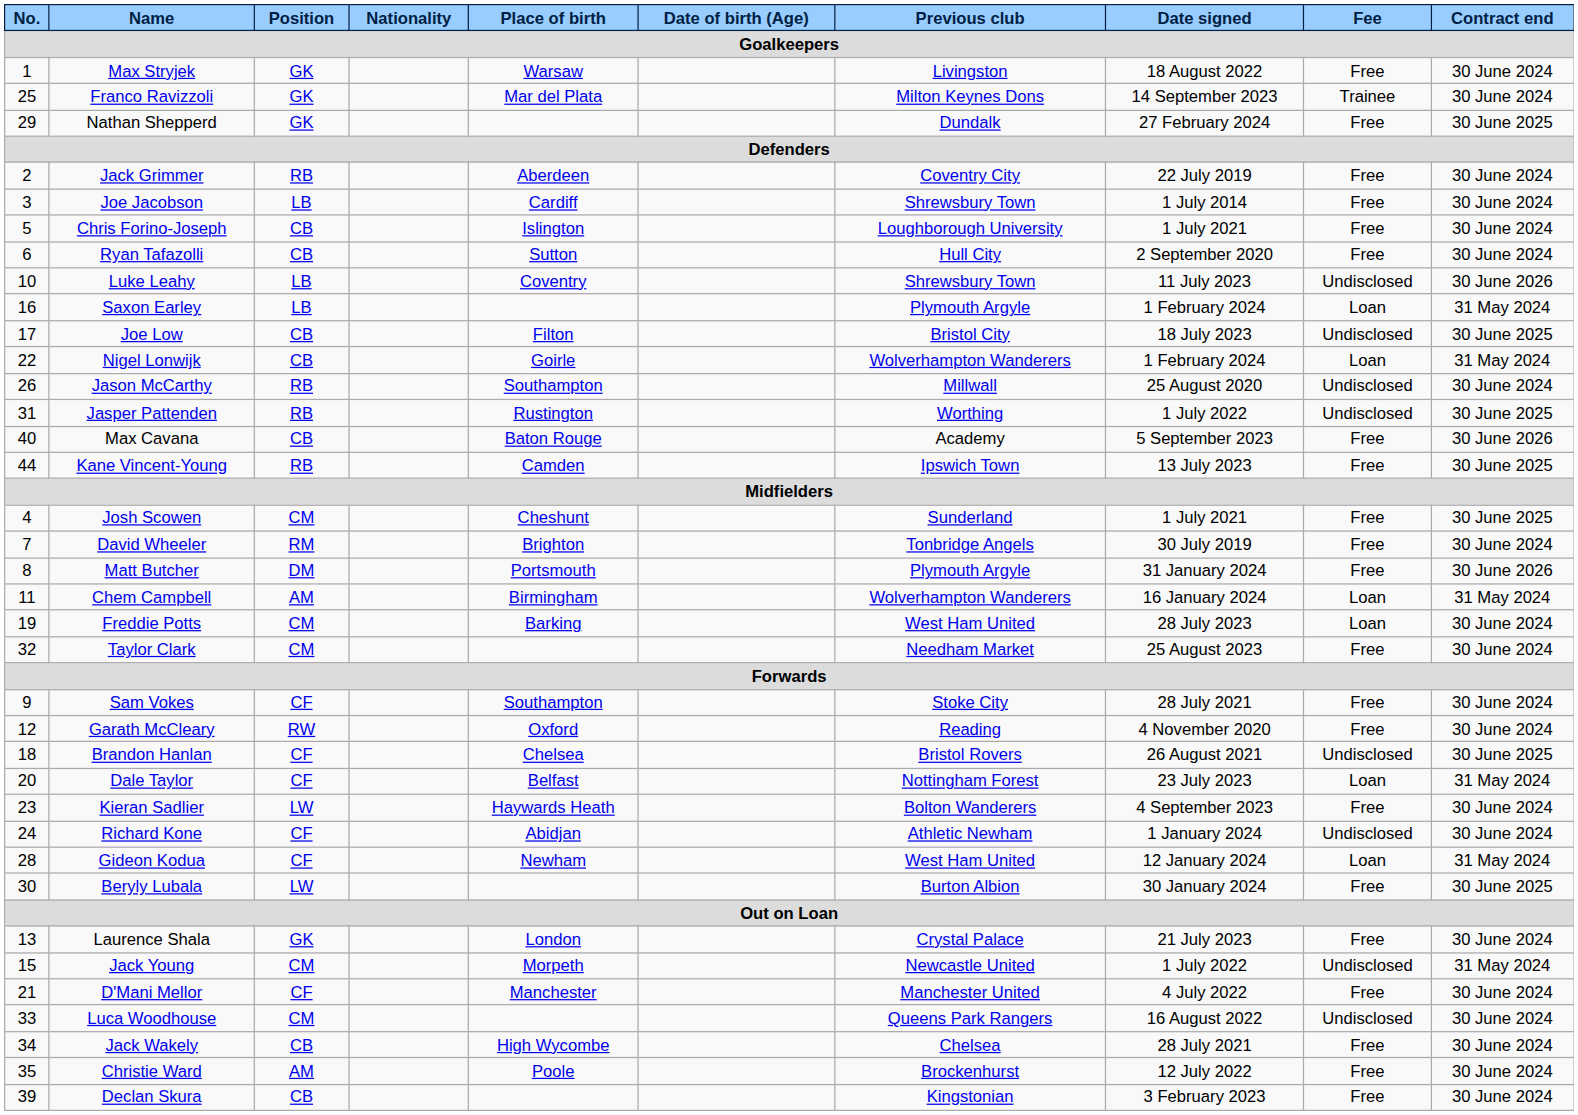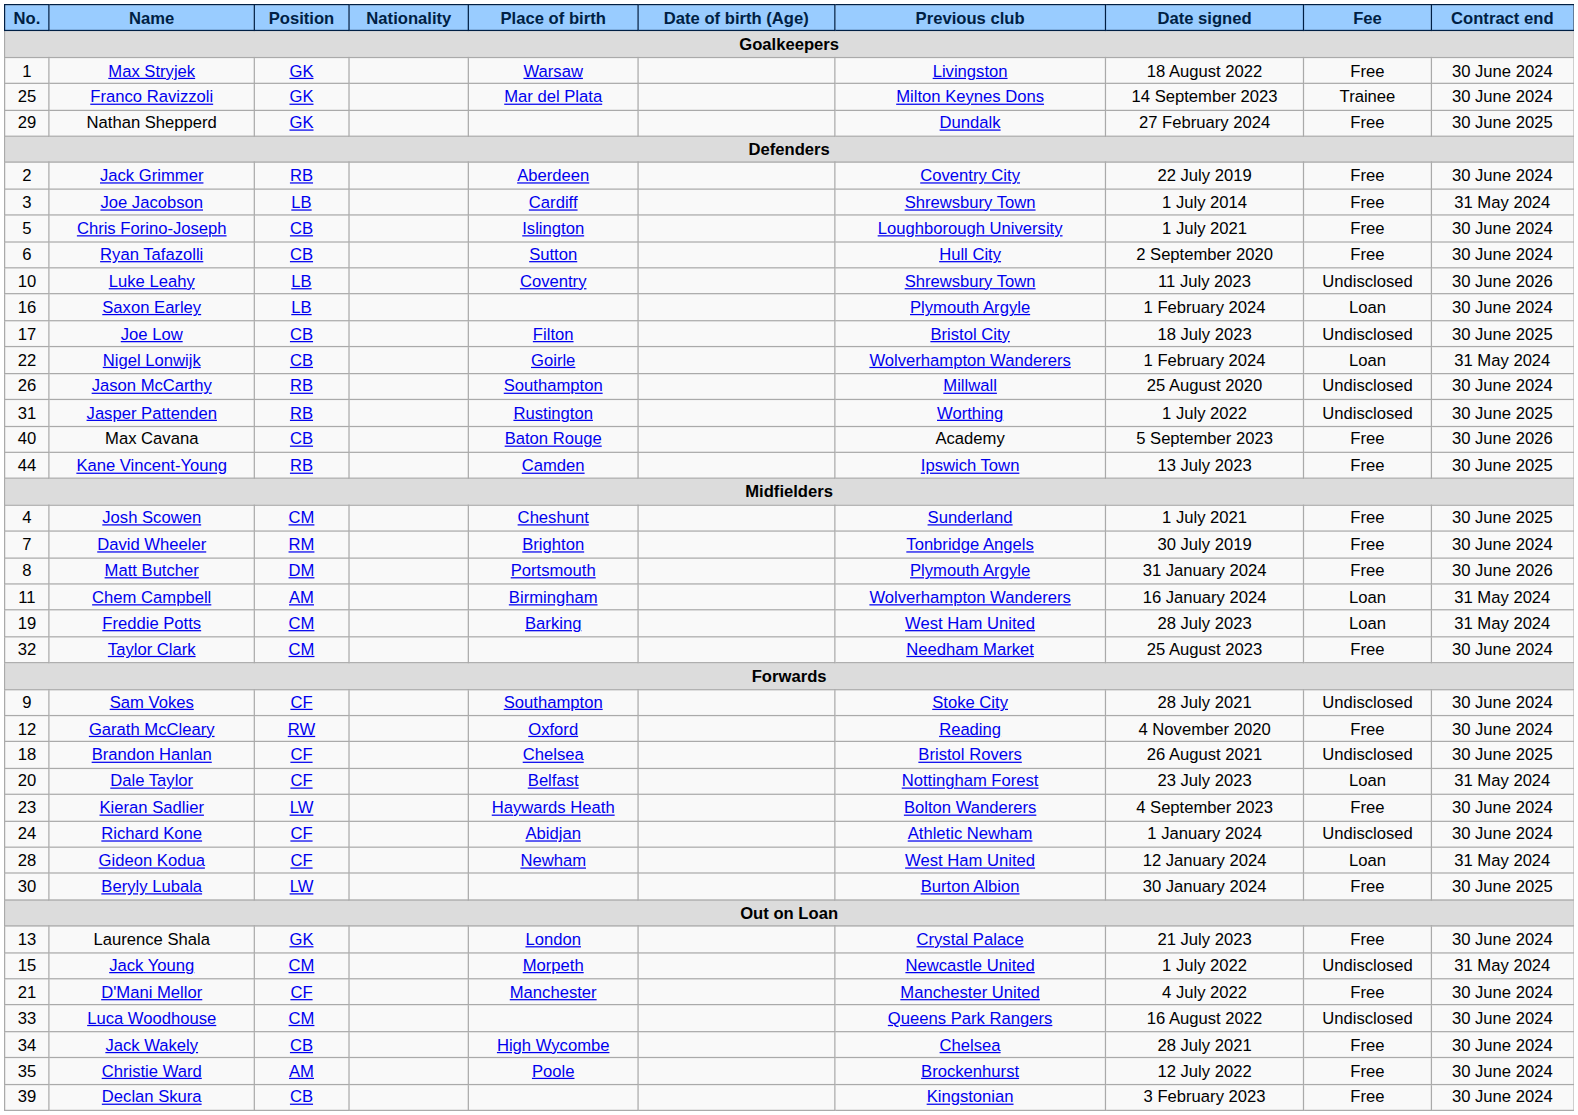 <table class="wikitable" style="text-align:center; font-size:84.5%; width:101%;">
 <tr>
 <th style="background:#99ccff; color:#001f44; border:1px solid #001f44; text-align:center;">No.</th>
 <th style="background:#99ccff; color:#001f44; border:1px solid #001f44; text-align:center;">Name</th>
 <th style="background:#99ccff; color:#001f44; border:1px solid #001f44; text-align:center;">Position</th>
 <th style="background:#99ccff; color:#001f44; border:1px solid #001f44; text-align:center;">Nationality</th>
 <th style="background:#99ccff; color:#001f44; border:1px solid #001f44; text-align:center;">Place of birth</th>
 <th style="background:#99ccff; color:#001f44; border:1px solid #001f44; text-align:center;">Date of birth (Age)</th>
 <th style="background:#99ccff; color:#001f44; border:1px solid #001f44; text-align:center;">Previous club</th>
 <th style="background:#99ccff; color:#001f44; border:1px solid #001f44; text-align:center;">Date signed</th>
 <th style="background:#99ccff; color:#001f44; border:1px solid #001f44; text-align:center;">Fee</th>
 <th style="background:#99ccff; color:#001f44; border:1px solid #001f44; text-align:center;">Contract end</th>
 </tr>
 <tr>
 <th colspan="14" style="background:#dcdcdc; tepxt-align:center;">Goalkeepers</th>
 </tr>
 <tr>
 <td>1</td>
 <td><a href='#'>Max Stryjek</a></td>
 <td><a href='#'>GK</a></td>
 <td></td>
 <td><a href='#'>Warsaw</a></td>
 <td></td>
 <td> <a href='#'>Livingston</a></td>
 <td>18 August 2022</td>
 <td>Free</td>
 <td>30 June 2024</td>
 </tr>
 <tr>
 <td>25</td>
 <td><a href='#'>Franco Ravizzoli</a></td>
 <td><a href='#'>GK</a></td>
 <td></td>
 <td><a href='#'>Mar del Plata</a></td>
 <td></td>
 <td><a href='#'>Milton Keynes Dons</a></td>
 <td>14 September 2023</td>
 <td>Trainee</td>
 <td>30 June 2024</td>
 </tr>
 <tr>
 <td>29</td>
 <td>Nathan Shepperd</td>
 <td><a href='#'>GK</a></td>
 <td></td>
 <td></td>
 <td></td>
 <td> <a href='#'>Dundalk</a></td>
 <td>27 February 2024</td>
 <td>Free</td>
 <td>30 June 2025</td>
 </tr>
 <tr>
 <th colspan="14" style="background:#dcdcdc; tepxt-align:center;">Defenders</th>
 </tr>
 <tr>
 <td>2</td>
 <td><a href='#'>Jack Grimmer</a></td>
 <td><a href='#'>RB</a></td>
 <td></td>
 <td><a href='#'>Aberdeen</a></td>
 <td></td>
 <td><a href='#'>Coventry City</a></td>
 <td>22 July 2019</td>
 <td>Free</td>
 <td>30 June 2024</td>
 </tr>
 <tr>
 <td>3</td>
 <td><a href='#'>Joe Jacobson</a></td>
 <td><a href='#'>LB</a></td>
 <td></td>
 <td><a href='#'>Cardiff</a></td>
 <td></td>
 <td><a href='#'>Shrewsbury Town</a></td>
 <td>1 July 2014</td>
 <td>Free</td>
-<td>30 June 2024</td>
+<td>31 May 2024</td>
 </tr>
 <tr>
 <td>5</td>
 <td><a href='#'>Chris Forino-Joseph</a></td>
 <td><a href='#'>CB</a></td>
 <td></td>
 <td> <a href='#'>Islington</a></td>
 <td></td>
 <td><a href='#'>Loughborough University</a></td>
 <td>1 July 2021</td>
 <td>Free</td>
 <td>30 June 2024</td>
 </tr>
 <tr>
 <td>6</td>
 <td><a href='#'>Ryan Tafazolli</a></td>
 <td><a href='#'>CB</a></td>
 <td></td>
 <td><a href='#'>Sutton</a></td>
 <td></td>
 <td><a href='#'>Hull City</a></td>
 <td>2 September 2020</td>
 <td>Free</td>
 <td>30 June 2024</td>
 </tr>
 <tr>
 <td>10</td>
 <td><a href='#'>Luke Leahy</a></td>
 <td><a href='#'>LB</a></td>
 <td></td>
 <td><a href='#'>Coventry</a></td>
 <td></td>
 <td><a href='#'>Shrewsbury Town</a></td>
 <td>11 July 2023</td>
 <td>Undisclosed</td>
 <td>30 June 2026</td>
 </tr>
 <tr>
 <td>16</td>
 <td><a href='#'>Saxon Earley</a></td>
 <td><a href='#'>LB</a></td>
 <td></td>
 <td></td>
 <td></td>
 <td><a href='#'>Plymouth Argyle</a></td>
 <td>1 February 2024</td>
 <td>Loan</td>
-<td>31 May 2024</td>
+<td>30 June 2024</td>
 </tr>
 <tr>
 <td>17</td>
 <td><a href='#'>Joe Low</a></td>
 <td><a href='#'>CB</a></td>
 <td></td>
 <td> <a href='#'>Filton</a></td>
 <td></td>
 <td><a href='#'>Bristol City</a></td>
 <td>18 July 2023</td>
 <td>Undisclosed</td>
 <td>30 June 2025</td>
 </tr>
 <tr>
 <td>22</td>
 <td><a href='#'>Nigel Lonwijk</a></td>
 <td><a href='#'>CB</a></td>
 <td></td>
 <td><a href='#'>Goirle</a></td>
 <td></td>
 <td><a href='#'>Wolverhampton Wanderers</a></td>
 <td>1 February 2024</td>
 <td>Loan</td>
 <td>31 May 2024</td>
 </tr>
 <tr>
 <td>26</td>
 <td><a href='#'>Jason McCarthy</a></td>
 <td><a href='#'>RB</a></td>
 <td></td>
 <td><a href='#'>Southampton</a></td>
 <td></td>
 <td><a href='#'>Millwall</a></td>
 <td>25 August 2020</td>
 <td>Undisclosed</td>
 <td>30 June 2024</td>
 </tr>
 <tr>
 <td>31</td>
 <td><a href='#'>Jasper Pattenden</a></td>
 <td><a href='#'>RB</a></td>
 <td></td>
 <td><a href='#'>Rustington</a></td>
 <td></td>
 <td><a href='#'>Worthing</a></td>
 <td>1 July 2022</td>
 <td>Undisclosed</td>
 <td>30 June 2025</td>
 </tr>
 <tr>
 <td>40</td>
 <td>Max Cavana</td>
 <td><a href='#'>CB</a></td>
 <td></td>
 <td><a href='#'>Baton Rouge</a></td>
 <td></td>
 <td>Academy</td>
 <td>5 September 2023</td>
 <td>Free</td>
 <td>30 June 2026</td>
 </tr>
 <tr>
 <td>44</td>
 <td><a href='#'>Kane Vincent-Young</a></td>
 <td><a href='#'>RB</a></td>
 <td></td>
 <td><a href='#'>Camden</a></td>
 <td></td>
 <td><a href='#'>Ipswich Town</a></td>
 <td>13 July 2023</td>
 <td>Free</td>
 <td>30 June 2025</td>
 </tr>
 <tr>
 <th colspan="14" style="background:#dcdcdc; tepxt-align:center;">Midfielders</th>
 </tr>
 <tr>
 <td>4</td>
 <td><a href='#'>Josh Scowen</a></td>
 <td><a href='#'>CM</a></td>
 <td></td>
 <td><a href='#'>Cheshunt</a></td>
 <td></td>
 <td><a href='#'>Sunderland</a></td>
 <td>1 July 2021</td>
 <td>Free</td>
 <td>30 June 2025</td>
 </tr>
 <tr>
 <td>7</td>
 <td><a href='#'>David Wheeler</a></td>
 <td><a href='#'>RM</a></td>
 <td></td>
 <td><a href='#'>Brighton</a></td>
 <td></td>
 <td><a href='#'>Tonbridge Angels</a></td>
 <td>30 July 2019</td>
 <td>Free</td>
 <td>30 June 2024</td>
 </tr>
 <tr>
 <td>8</td>
 <td><a href='#'>Matt Butcher</a></td>
 <td><a href='#'>DM</a></td>
 <td></td>
 <td><a href='#'>Portsmouth</a></td>
 <td></td>
 <td><a href='#'>Plymouth Argyle</a></td>
 <td>31 January 2024</td>
 <td>Free</td>
 <td>30 June 2026</td>
 </tr>
 <tr>
 <td>11</td>
 <td><a href='#'>Chem Campbell</a></td>
 <td><a href='#'>AM</a></td>
 <td></td>
 <td> <a href='#'>Birmingham</a></td>
 <td></td>
 <td><a href='#'>Wolverhampton Wanderers</a></td>
 <td>16 January 2024</td>
 <td>Loan</td>
 <td>31 May 2024</td>
 </tr>
 <tr>
 <td>19</td>
 <td><a href='#'>Freddie Potts</a></td>
 <td><a href='#'>CM</a></td>
 <td></td>
 <td><a href='#'>Barking</a></td>
 <td></td>
 <td><a href='#'>West Ham United</a></td>
 <td>28 July 2023</td>
 <td>Loan</td>
-<td>30 June 2024</td>
+<td>31 May 2024</td>
 </tr>
 <tr>
 <td>32</td>
 <td><a href='#'>Taylor Clark</a></td>
 <td><a href='#'>CM</a></td>
 <td></td>
 <td></td>
 <td></td>
 <td><a href='#'>Needham Market</a></td>
 <td>25 August 2023</td>
 <td>Free</td>
 <td>30 June 2024</td>
 </tr>
 <tr>
 <th colspan="14" style="background:#dcdcdc; tepxt-align:center;">Forwards</th>
 </tr>
 <tr>
 <td>9</td>
 <td><a href='#'>Sam Vokes</a></td>
 <td><a href='#'>CF</a></td>
 <td></td>
 <td> <a href='#'>Southampton</a></td>
 <td></td>
 <td><a href='#'>Stoke City</a></td>
 <td>28 July 2021</td>
-<td>Free</td>
+<td>Undisclosed</td>
 <td>30 June 2024</td>
 </tr>
 <tr>
 <td>12</td>
 <td><a href='#'>Garath McCleary</a></td>
 <td><a href='#'>RW</a></td>
 <td></td>
 <td> <a href='#'>Oxford</a></td>
 <td></td>
 <td><a href='#'>Reading</a></td>
 <td>4 November 2020</td>
 <td>Free</td>
 <td>30 June 2024</td>
 </tr>
 <tr>
 <td>18</td>
 <td><a href='#'>Brandon Hanlan</a></td>
 <td><a href='#'>CF</a></td>
 <td></td>
 <td><a href='#'>Chelsea</a></td>
 <td></td>
 <td><a href='#'>Bristol Rovers</a></td>
 <td>26 August 2021</td>
 <td>Undisclosed</td>
 <td>30 June 2025</td>
 </tr>
 <tr>
 <td>20</td>
 <td><a href='#'>Dale Taylor</a></td>
 <td><a href='#'>CF</a></td>
 <td></td>
 <td><a href='#'>Belfast</a></td>
 <td></td>
 <td><a href='#'>Nottingham Forest</a></td>
 <td>23 July 2023</td>
 <td>Loan</td>
 <td>31 May 2024</td>
 </tr>
 <tr>
 <td>23</td>
 <td><a href='#'>Kieran Sadlier</a></td>
 <td><a href='#'>LW</a></td>
 <td></td>
 <td> <a href='#'>Haywards Heath</a></td>
 <td></td>
 <td><a href='#'>Bolton Wanderers</a></td>
 <td>4 September 2023</td>
 <td>Free</td>
 <td>30 June 2024</td>
 </tr>
 <tr>
 <td>24</td>
 <td><a href='#'>Richard Kone</a></td>
 <td><a href='#'>CF</a></td>
 <td></td>
 <td><a href='#'>Abidjan</a></td>
 <td></td>
 <td><a href='#'>Athletic Newham</a></td>
 <td>1 January 2024</td>
 <td>Undisclosed</td>
 <td>30 June 2024</td>
 </tr>
 <tr>
 <td>28</td>
 <td><a href='#'>Gideon Kodua</a></td>
 <td><a href='#'>CF</a></td>
 <td></td>
 <td><a href='#'>Newham</a></td>
 <td></td>
 <td><a href='#'>West Ham United</a></td>
 <td>12 January 2024</td>
 <td>Loan</td>
 <td>31 May 2024</td>
 </tr>
 <tr>
 <td>30</td>
 <td><a href='#'>Beryly Lubala</a></td>
 <td><a href='#'>LW</a></td>
 <td></td>
 <td></td>
 <td></td>
 <td><a href='#'>Burton Albion</a></td>
 <td>30 January 2024</td>
 <td>Free</td>
 <td>30 June 2025</td>
 </tr>
 <tr>
 <th colspan="14" style="background:#dcdcdc; tepxt-align:center;">Out on Loan</th>
 </tr>
 <tr>
 <td>13</td>
 <td>Laurence Shala</td>
 <td><a href='#'>GK</a></td>
 <td></td>
 <td> <a href='#'>London</a></td>
 <td></td>
 <td><a href='#'>Crystal Palace</a></td>
 <td>21 July 2023</td>
 <td>Free</td>
 <td>30 June 2024</td>
 </tr>
 <tr>
 <td>15</td>
 <td><a href='#'>Jack Young</a></td>
 <td><a href='#'>CM</a></td>
 <td></td>
 <td><a href='#'>Morpeth</a></td>
 <td></td>
 <td><a href='#'>Newcastle United</a></td>
 <td>1 July 2022</td>
 <td>Undisclosed</td>
 <td>31 May 2024</td>
 </tr>
 <tr>
 <td>21</td>
 <td><a href='#'>D'Mani Mellor</a></td>
 <td><a href='#'>CF</a></td>
 <td></td>
 <td><a href='#'>Manchester</a></td>
 <td></td>
 <td><a href='#'>Manchester United</a></td>
 <td>4 July 2022</td>
 <td>Free</td>
 <td>30 June 2024</td>
 </tr>
 <tr>
 <td>33</td>
 <td><a href='#'>Luca Woodhouse</a></td>
 <td><a href='#'>CM</a></td>
 <td></td>
 <td></td>
 <td></td>
 <td><a href='#'>Queens Park Rangers</a></td>
 <td>16 August 2022</td>
 <td>Undisclosed</td>
 <td>30 June 2024</td>
 </tr>
 <tr>
 <td>34</td>
 <td><a href='#'>Jack Wakely</a></td>
 <td><a href='#'>CB</a></td>
 <td></td>
 <td><a href='#'>High Wycombe</a></td>
 <td></td>
 <td><a href='#'>Chelsea</a></td>
 <td>28 July 2021</td>
 <td>Free</td>
 <td>30 June 2024</td>
 </tr>
 <tr>
 <td>35</td>
 <td><a href='#'>Christie Ward</a></td>
 <td><a href='#'>AM</a></td>
 <td></td>
 <td><a href='#'>Poole</a></td>
 <td></td>
 <td><a href='#'>Brockenhurst</a></td>
 <td>12 July 2022</td>
 <td>Free</td>
 <td>30 June 2024</td>
 </tr>
 <tr>
 <td>39</td>
 <td><a href='#'>Declan Skura</a></td>
 <td><a href='#'>CB</a></td>
 <td></td>
 <td></td>
 <td></td>
 <td><a href='#'>Kingstonian</a></td>
 <td>3 February 2023</td>
 <td>Free</td>
 <td>30 June 2024</td>
 </tr>
 </table>
